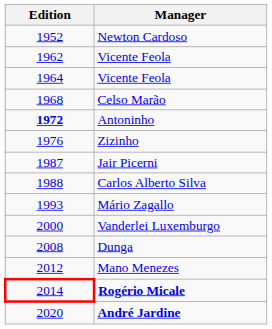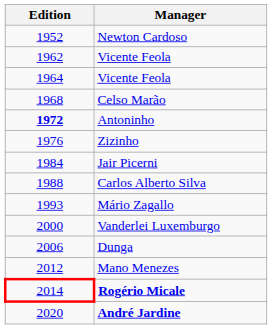 <table class="wikitable">
 <tr>
 <th width=100>Edition</th>
 <th width=200>Manager</th>
 </tr>
 <tr>
 <td align=center> <a href='#'>1952</a></td>
 <td><a href='#'>Newton Cardoso</a></td>
 </tr>
 <tr>
 <td align=center> <a href='#'>1962</a></td>
 <td><a href='#'>Vicente Feola</a></td>
 </tr>
 <tr>
 <td align=center> <a href='#'>1964</a></td>
 <td><a href='#'>Vicente Feola</a></td>
 </tr>
 <tr>
 <td align=center> <a href='#'>1968</a></td>
 <td><a href='#'>Celso Marão</a></td>
 </tr>
 <tr>
 <td align=center><strong> <a href='#'>1972</a></strong></td>
 <td><a href='#'>Antoninho</a></td>
 </tr>
 <tr>
 <td align=center> <a href='#'>1976</a></td>
 <td><a href='#'>Zizinho</a></td>
 </tr>
 <tr>
-<td align=center> <a href='#'>1987</a></td>
+<td align=center> <a href='#'>1984</a></td>
 <td><a href='#'>Jair Picerni</a></td>
 </tr>
 <tr>
 <td align=center> <a href='#'>1988</a></td>
 <td><a href='#'>Carlos Alberto Silva</a></td>
 </tr>
 <tr>
 <td align=center> <a href='#'>1993</a></td>
 <td><a href='#'>Mário Zagallo</a></td>
 </tr>
 <tr>
 <td align=center> <a href='#'>2000</a></td>
 <td><a href='#'>Vanderlei Luxemburgo</a></td>
 </tr>
 <tr>
-<td align=center> <a href='#'>2008</a></td>
+<td align=center> <a href='#'>2006</a></td>
 <td><a href='#'>Dunga</a></td>
 </tr>
 <tr>
 <td align=center> <a href='#'>2012</a></td>
 <td><a href='#'>Mano Menezes</a></td>
 </tr>
 <tr>
 <td align=center style="border: 3px solid red"> <a href='#'>2014</a></td>
 <td><strong><a href='#'>Rogério Micale</a></strong></td>
 </tr>
 <tr>
 <td align=center> <a href='#'>2020</a></td>
 <td><strong><a href='#'>André Jardine</a></strong></td>
 </tr>
 </table>
